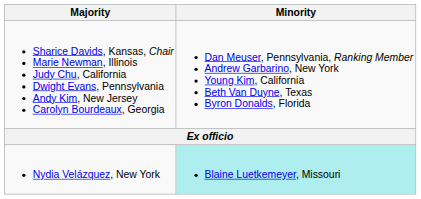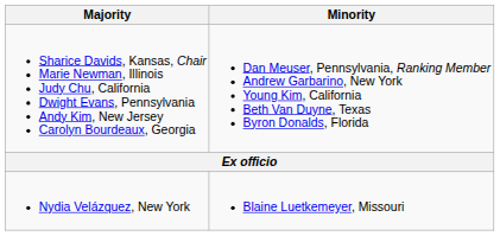 <table class=wikitable>
 <tr>
 <th>Majority</th>
 <th>Minority</th>
 </tr>
 <tr>
 <td><br><ul><li><a href='#'>Sharice Davids</a>, Kansas, <em>Chair</em></li><li><a href='#'>Marie Newman</a>, Illinois</li><li><a href='#'>Judy Chu</a>, California</li><li><a href='#'>Dwight Evans</a>, Pennsylvania</li><li><a href='#'>Andy Kim</a>, New Jersey</li><li><a href='#'>Carolyn Bourdeaux</a>, Georgia</li></ul></td>
 <td><br><ul><li><a href='#'>Dan Meuser</a>, Pennsylvania, <em>Ranking Member</em></li><li><a href='#'>Andrew Garbarino</a>, New York</li><li><a href='#'>Young Kim</a>, California</li><li><a href='#'>Beth Van Duyne</a>, Texas</li><li><a href='#'>Byron Donalds</a>, Florida</li></ul></td>
 </tr>
 <tr>
 <th colspan=2><em>Ex officio</em></th>
 </tr>
 <tr>
 <td><br><ul><li><a href='#'>Nydia Velázquez</a>, New York</li></ul></td>
-<td style="background: paleturquoise;"><br><ul><li><a href='#'>Blaine Luetkemeyer</a>, Missouri</li></ul></td>
+<td><br><ul><li><a href='#'>Blaine Luetkemeyer</a>, Missouri</li></ul></td>
 </tr>
 </table>
